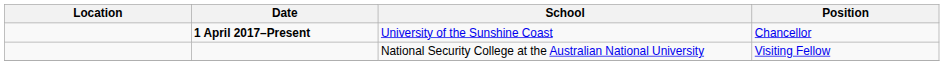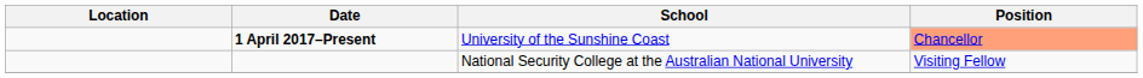 <table class="wikitable" style="width:100%;">
 <tr>
 <th style="width:20%;">Location</th>
 <th style="width:20%;">Date</th>
 <th style="width:40%;">School</th>
 <th style="width:20%;">Position</th>
 </tr>
 <tr>
 <td></td>
 <td><strong>1 April 2017–Present</strong></td>
 <td><a href='#'>University of the Sunshine Coast</a></td>
-<td><a href='#'>Chancellor</a></td>
+<td style="background: lightsalmon;"><a href='#'>Chancellor</a></td>
 </tr>
 <tr>
 <td></td>
 <td></td>
 <td>National Security College at the <a href='#'>Australian National University</a></td>
 <td><a href='#'>Visiting Fellow</a></td>
 </tr>
 <tr>
 </tr>
 </table>
